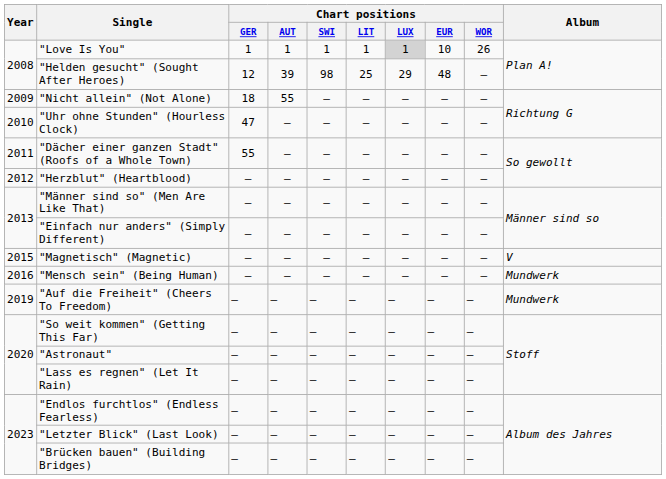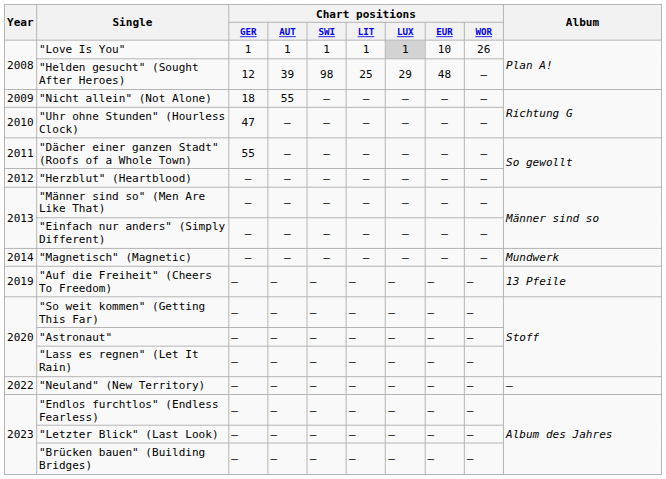 <table class="wikitable">
 <tr>
 <th align="center" rowspan="2" width="10">Year</th>
 <th width="220" align="center" rowspan="2">Single</th>
 <th align="center" colspan="7">Chart positions</th>
 <th width="180" align="center" rowspan="2">Album</th>
 </tr>
 <tr>
 <th width="40"><small><a href='#'>GER</a></small></th>
 <th width="40"><small><a href='#'>AUT</a></small></th>
 <th width="40"><small><a href='#'>SWI</a></small></th>
 <th width="40"><small><a href='#'>LIT</a></small></th>
 <th width="40"><small><a href='#'>LUX</a></small></th>
 <th width="40"><small><a href='#'>EUR</a></small></th>
 <th width="40"><small><a href='#'>WOR</a></small></th>
 </tr>
 <tr>
 <td align="center" rowspan="2">2008</td>
 <td align="left">"Love Is You"</td>
 <td align="center">1</td>
 <td align="center">1</td>
 <td align="center">1</td>
 <td align="center">1</td>
 <td align="center" style="background: lightgrey;">1</td>
 <td align="center">10</td>
 <td align="center">26</td>
 <td align="left" rowspan="2"><em>Plan A!</em></td>
 </tr>
 <tr>
 <td align="left">"Helden gesucht" (Sought After Heroes)</td>
 <td align="center">12</td>
 <td align="center">39</td>
 <td align="center">98</td>
 <td align="center">25</td>
 <td align="center">29</td>
 <td align="center">48</td>
 <td align="center">—</td>
 </tr>
 <tr>
 <td align="center">2009</td>
 <td align="left">"Nicht allein" (Not Alone)</td>
 <td align="center">18</td>
 <td align="center">55</td>
 <td align="center">—</td>
 <td align="center">—</td>
 <td align="center">—</td>
 <td align="center">—</td>
 <td align="center">—</td>
 <td align="left" rowspan="2"><em>Richtung G</em></td>
 </tr>
 <tr>
 <td align="center">2010</td>
 <td align="left">"Uhr ohne Stunden" (Hourless Clock)</td>
 <td align="center">47</td>
 <td align="center">—</td>
 <td align="center">—</td>
 <td align="center">—</td>
 <td align="center">—</td>
 <td align="center">—</td>
 <td align="center">—</td>
 </tr>
 <tr>
 <td align="center">2011</td>
 <td align="left">"Dächer einer ganzen Stadt" (Roofs of a Whole Town)</td>
 <td align="center">55</td>
 <td align="center">—</td>
 <td align="center">—</td>
 <td align="center">—</td>
 <td align="center">—</td>
 <td align="center">—</td>
 <td align="center">—</td>
 <td align="left" rowspan="2"><em>So gewollt</em></td>
 </tr>
 <tr>
 <td align="center">2012</td>
 <td align="left">"Herzblut" (Heartblood)</td>
 <td align="center">—</td>
 <td align="center">—</td>
 <td align="center">—</td>
 <td align="center">—</td>
 <td align="center">—</td>
 <td align="center">—</td>
 <td align="center">—</td>
 </tr>
 <tr>
 <td align="center" rowspan="2">2013</td>
 <td align="left">"Männer sind so" (Men Are Like That)</td>
 <td align="center">—</td>
 <td align="center">—</td>
 <td align="center">—</td>
 <td align="center">—</td>
 <td align="center">—</td>
 <td align="center">—</td>
 <td align="center">—</td>
 <td align="left" rowspan="2"><em>Männer sind so</em></td>
 </tr>
 <tr>
 <td align="left">"Einfach nur anders" (Simply Different)</td>
 <td align="center">—</td>
 <td align="center">—</td>
 <td align="center">—</td>
 <td align="center">—</td>
 <td align="center">—</td>
 <td align="center">—</td>
 <td align="center">—</td>
 </tr>
 <tr>
-<td align="center">2015</td>
+<td align="center">2014</td>
 <td align="left">"Magnetisch" (Magnetic)</td>
-<td align="center">—</td>
-<td align="center">—</td>
-<td align="center">—</td>
-<td align="center">—</td>
-<td align="center">—</td>
-<td align="center">—</td>
-<td align="center">—</td>
-<td align="left"><em>V</em></td>
-</tr>
-<tr>
-<td align="center">2016</td>
-<td align="left">"Mensch sein" (Being Human)</td>
 <td align="center">—</td>
 <td align="center">—</td>
 <td align="center">—</td>
 <td align="center">—</td>
 <td align="center">—</td>
 <td align="center">—</td>
 <td align="center">—</td>
 <td align="left"><em>Mundwerk</em></td>
 </tr>
 <tr>
 <td>2019</td>
 <td>"Auf die Freiheit" (Cheers To Freedom)</td>
 <td>—</td>
 <td>—</td>
 <td>—</td>
 <td>—</td>
 <td>—</td>
 <td>—</td>
 <td>—</td>
-<td align="left"><em>Mundwerk</em></td>
+<td><em>13 Pfeile</em></td>
 </tr>
 <tr>
 <td rowspan="3">2020</td>
 <td>"So weit kommen" (Getting This Far)</td>
 <td>—</td>
 <td>—</td>
 <td>—</td>
 <td>—</td>
 <td>—</td>
 <td>—</td>
 <td>—</td>
 <td rowspan="3"><em>Stoff</em></td>
 </tr>
 <tr>
 <td>"Astronaut"</td>
 <td>—</td>
 <td>—</td>
 <td>—</td>
 <td>—</td>
 <td>—</td>
 <td>—</td>
 <td>—</td>
 </tr>
 <tr>
 <td>"Lass es regnen" (Let It Rain)</td>
+<td>—</td>
+<td>—</td>
+<td>—</td>
+<td>—</td>
+<td>—</td>
+<td>—</td>
+<td>—</td>
+</tr>
+<tr>
+<td>2022</td>
+<td>"Neuland" (New Territory)</td>
+<td>—</td>
 <td>—</td>
 <td>—</td>
 <td>—</td>
 <td>—</td>
 <td>—</td>
 <td>—</td>
 <td>—</td>
 </tr>
 <tr>
 <td rowspan="3">2023</td>
 <td>"Endlos furchtlos" (Endless Fearless)</td>
 <td>—</td>
 <td>—</td>
 <td>—</td>
 <td>—</td>
 <td>—</td>
 <td>—</td>
 <td>—</td>
 <td rowspan="3"><em>Album des Jahres</em></td>
 </tr>
 <tr>
 <td>"Letzter Blick" (Last Look)</td>
 <td>—</td>
 <td>—</td>
 <td>—</td>
 <td>—</td>
 <td>—</td>
 <td>—</td>
 <td>—</td>
 </tr>
 <tr>
 <td>"Brücken bauen" (Building Bridges)</td>
 <td>—</td>
 <td>—</td>
 <td>—</td>
 <td>—</td>
 <td>—</td>
 <td>—</td>
 <td>—</td>
 </tr>
 </table>
